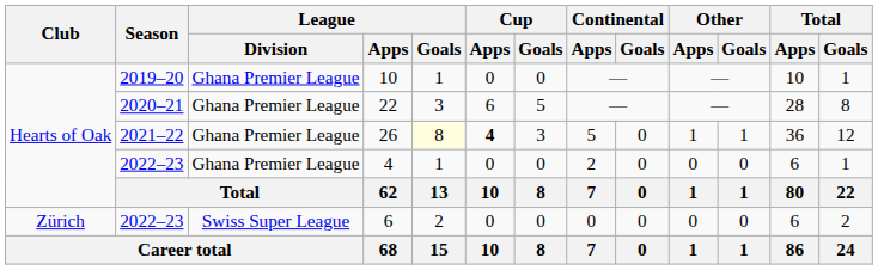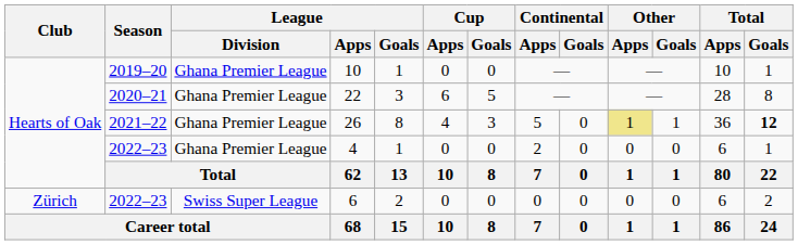 <table class="wikitable" style="text-align:center">
 <tr>
 <th rowspan="2">Club</th>
 <th rowspan="2">Season</th>
 <th colspan="3">League</th>
 <th colspan="2">Cup</th>
 <th colspan="2">Continental</th>
 <th colspan="2">Other</th>
 <th colspan="2">Total</th>
 </tr>
 <tr>
 <th>Division</th>
 <th>Apps</th>
 <th>Goals</th>
 <th>Apps</th>
 <th>Goals</th>
 <th>Apps</th>
 <th>Goals</th>
 <th>Apps</th>
 <th>Goals</th>
 <th>Apps</th>
 <th>Goals</th>
 </tr>
 <tr>
 <td rowspan="5"><a href='#'>Hearts of Oak</a></td>
 <td><a href='#'>2019–20</a></td>
 <td><a href='#'>Ghana Premier League</a></td>
 <td>10</td>
 <td>1</td>
 <td>0</td>
 <td>0</td>
 <td colspan="2">—</td>
 <td colspan="2">—</td>
 <td>10</td>
 <td>1</td>
 </tr>
 <tr>
 <td><a href='#'>2020–21</a></td>
 <td>Ghana Premier League</td>
 <td>22</td>
 <td>3</td>
 <td>6</td>
 <td>5</td>
 <td colspan="2">—</td>
 <td colspan="2">—</td>
 <td>28</td>
 <td>8</td>
 </tr>
 <tr>
 <td><a href='#'>2021–22</a></td>
 <td>Ghana Premier League</td>
 <td>26</td>
-<td style="background: lightyellow;">8</td>
-<td><strong>4</strong></td>
+<td>8</td>
+<td>4</td>
 <td>3</td>
 <td>5</td>
 <td>0</td>
-<td>1</td>
+<td style="background: khaki;">1</td>
 <td>1</td>
 <td>36</td>
-<td>12</td>
+<td><strong>12</strong></td>
 </tr>
 <tr>
 <td><a href='#'>2022–23</a></td>
 <td>Ghana Premier League</td>
 <td>4</td>
 <td>1</td>
 <td>0</td>
 <td>0</td>
 <td>2</td>
 <td>0</td>
 <td>0</td>
 <td>0</td>
 <td>6</td>
 <td>1</td>
 </tr>
 <tr>
 <th colspan="2">Total</th>
 <th>62</th>
 <th>13</th>
 <th>10</th>
 <th>8</th>
 <th>7</th>
 <th>0</th>
 <th>1</th>
 <th>1</th>
 <th>80</th>
 <th>22</th>
 </tr>
 <tr>
 <td><a href='#'>Zürich</a></td>
 <td><a href='#'>2022–23</a></td>
 <td><a href='#'>Swiss Super League</a></td>
 <td>6</td>
 <td>2</td>
 <td>0</td>
 <td>0</td>
 <td 0>0</td>
 <td>0</td>
 <td>0</td>
 <td>0</td>
 <td>6</td>
 <td>2</td>
 </tr>
 <tr>
 <th colspan="3">Career total</th>
 <th>68</th>
 <th>15</th>
 <th>10</th>
 <th>8</th>
 <th>7</th>
 <th>0</th>
 <th>1</th>
 <th>1</th>
 <th>86</th>
 <th>24</th>
 </tr>
 </table>
